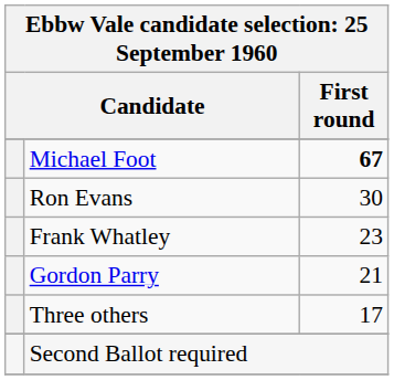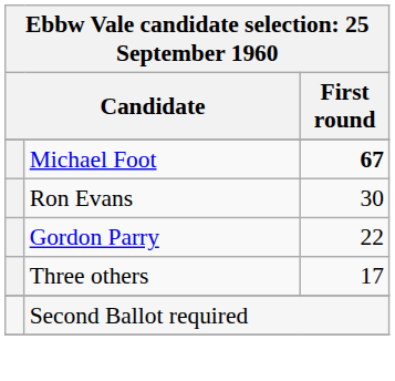 <table class="wikitable" style="font-size: 95%;">
 <tr>
 <th colspan="3">Ebbw Vale candidate selection: 25 September 1960</th>
 </tr>
 <tr>
 <th colspan="2" style="width: 170px">Candidate</th>
 <th style="width: 50px">First round</th>
 </tr>
 <tr>
 </tr>
 <tr>
 <th width="5" style="background-color: "></th>
 <td style="width: 170px"><a href='#'>Michael Foot</a></td>
 <td align="right"><strong>67</strong></td>
 </tr>
 <tr>
 <th style="background-color: "></th>
 <td style="width: 170px">Ron Evans</td>
 <td align="right">30</td>
 </tr>
 <tr>
 <th style="background-color: "></th>
-<td style="width: 170px">Frank Whatley</td>
-<td align="right">23</td>
-</tr>
-<tr>
-<th style="background-color: "></th>
 <td style="width: 170px"><a href='#'>Gordon Parry</a></td>
-<td align="right">21</td>
+<td align="right">22</td>
 </tr>
 <tr>
 <th style="background-color: "></th>
 <td style="width: 170px">Three others</td>
 <td align="right">17</td>
 </tr>
 <tr>
 </tr>
 <tr style="background-color:#F6F6F6">
 <td></td>
 <td colspan="2">Second Ballot required</td>
 </tr>
 <tr>
 </tr>
 </table>
